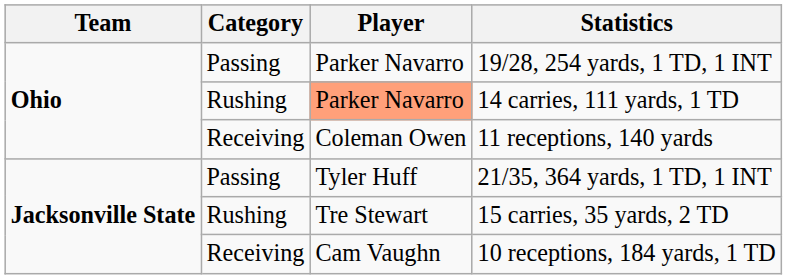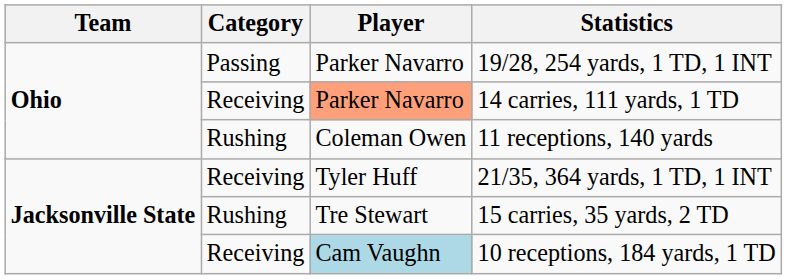 <table class="wikitable" style="float: right;">
 <tr>
 <th>Team</th>
 <th>Category</th>
 <th>Player</th>
 <th>Statistics</th>
 </tr>
 <tr>
 <td rowspan=3><strong>Ohio</strong></td>
 <td>Passing</td>
 <td>Parker Navarro</td>
 <td>19/28, 254 yards, 1 TD, 1 INT</td>
 </tr>
 <tr>
-<td>Rushing</td>
+<td>Receiving</td>
 <td style="background: lightsalmon;">Parker Navarro</td>
 <td>14 carries, 111 yards, 1 TD</td>
 </tr>
 <tr>
-<td>Receiving</td>
+<td>Rushing</td>
 <td>Coleman Owen</td>
 <td>11 receptions, 140 yards</td>
 </tr>
 <tr>
 <td rowspan=3><strong>Jacksonville State</strong></td>
-<td>Passing</td>
+<td>Receiving</td>
 <td>Tyler Huff</td>
 <td>21/35, 364 yards, 1 TD, 1 INT</td>
 </tr>
 <tr>
 <td>Rushing</td>
 <td>Tre Stewart</td>
 <td>15 carries, 35 yards, 2 TD</td>
 </tr>
 <tr>
 <td>Receiving</td>
-<td>Cam Vaughn</td>
+<td style="background: lightblue;">Cam Vaughn</td>
 <td>10 receptions, 184 yards, 1 TD</td>
 </tr>
 </table>
